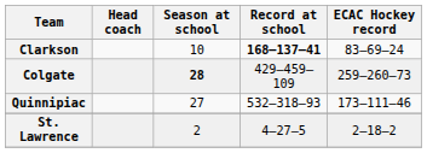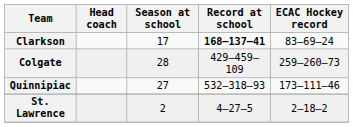 <table class="wikitable sortable" style="text-align: center; "width=50%">
 <tr>
 <th>Team</th>
 <th>Head coach</th>
 <th>Season at school</th>
 <th>Record at school</th>
 <th>ECAC Hockey record</th>
 </tr>
 <tr>
 <th>Clarkson</th>
 <td></td>
-<td>10</td>
+<td>17</td>
 <td><strong>168–137–41</strong></td>
 <td>83–69–24</td>
 </tr>
 <tr bgcolor=f0f0f0>
 <th>Colgate</th>
 <td></td>
-<td><strong>28</strong></td>
+<td>28</td>
 <td>429–459–109</td>
 <td>259–260–73</td>
 </tr>
 <tr>
 <th>Quinnipiac</th>
 <td></td>
 <td>27</td>
 <td>532–318–93</td>
 <td>173–111–46</td>
 </tr>
 <tr>
 </tr>
 <tr bgcolor=f0f0f0>
 <th>St. Lawrence</th>
 <td></td>
 <td>2</td>
 <td>4–27–5</td>
 <td>2–18–2</td>
 </tr>
 <tr>
 </tr>
 </table>
